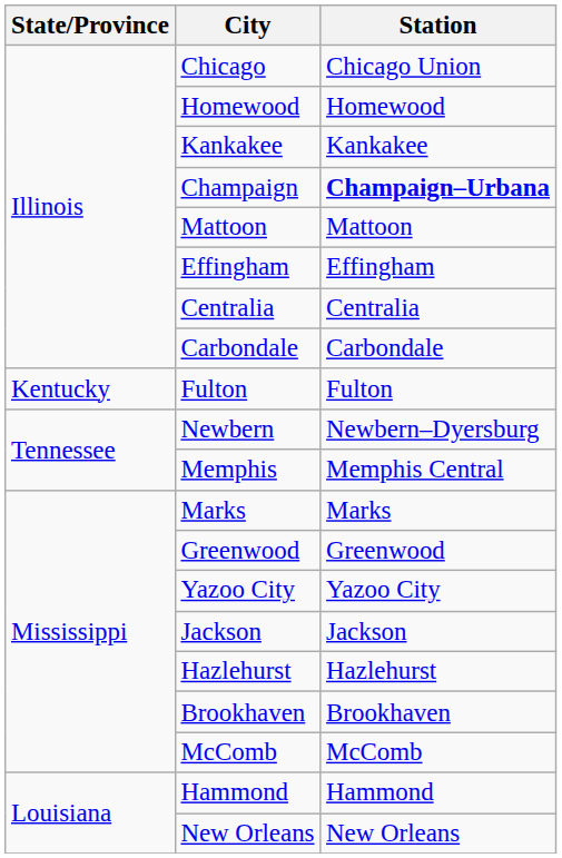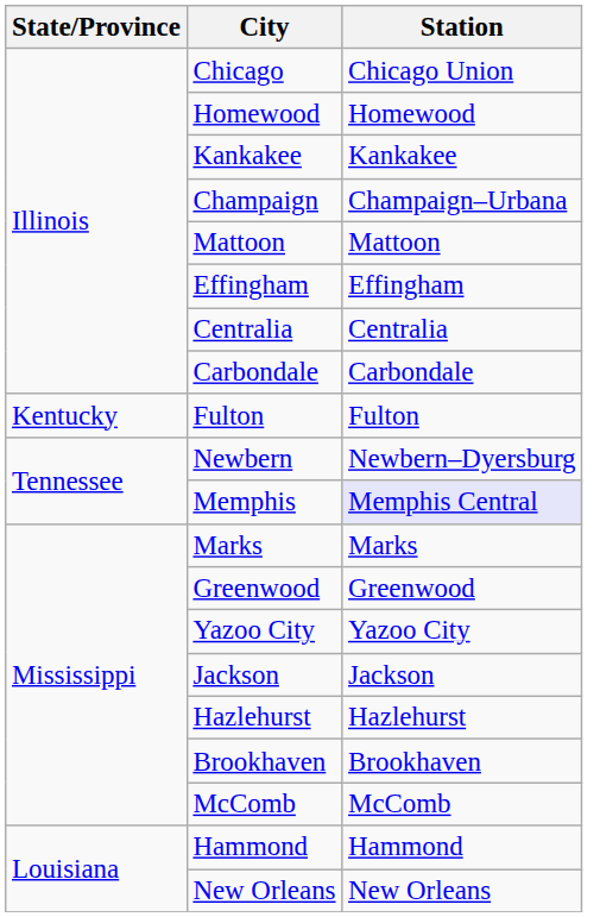 <table class="wikitable mw-collapsible">
 <tr>
 <th>State/Province</th>
 <th>City</th>
 <th>Station</th>
 </tr>
 <tr>
 <td rowspan='8'><a href='#'>Illinois</a></td>
 <td><a href='#'>Chicago</a></td>
 <td><a href='#'>Chicago Union</a></td>
 </tr>
 <tr>
 <td><a href='#'>Homewood</a></td>
 <td><a href='#'>Homewood</a></td>
 </tr>
 <tr>
 <td><a href='#'>Kankakee</a></td>
 <td><a href='#'>Kankakee</a></td>
 </tr>
 <tr>
 <td><a href='#'>Champaign</a></td>
-<td><strong><a href='#'>Champaign–Urbana</a></strong></td>
+<td><a href='#'>Champaign–Urbana</a></td>
 </tr>
 <tr>
 <td><a href='#'>Mattoon</a></td>
 <td><a href='#'>Mattoon</a></td>
 </tr>
 <tr>
 <td><a href='#'>Effingham</a></td>
 <td><a href='#'>Effingham</a></td>
 </tr>
 <tr>
 <td><a href='#'>Centralia</a></td>
 <td><a href='#'>Centralia</a></td>
 </tr>
 <tr>
 <td><a href='#'>Carbondale</a></td>
 <td><a href='#'>Carbondale</a></td>
 </tr>
 <tr>
 <td rowspan='1'><a href='#'>Kentucky</a></td>
 <td><a href='#'>Fulton</a></td>
 <td><a href='#'>Fulton</a></td>
 </tr>
 <tr>
 <td rowspan='2'><a href='#'>Tennessee</a></td>
 <td><a href='#'>Newbern</a></td>
 <td><a href='#'>Newbern–Dyersburg</a></td>
 </tr>
 <tr>
 <td><a href='#'>Memphis</a></td>
-<td><a href='#'>Memphis Central</a></td>
+<td style="background: lavender;"><a href='#'>Memphis Central</a></td>
 </tr>
 <tr>
 <td rowspan='7'><a href='#'>Mississippi</a></td>
 <td><a href='#'>Marks</a></td>
 <td><a href='#'>Marks</a></td>
 </tr>
 <tr>
 <td><a href='#'>Greenwood</a></td>
 <td><a href='#'>Greenwood</a></td>
 </tr>
 <tr>
 <td><a href='#'>Yazoo City</a></td>
 <td><a href='#'>Yazoo City</a></td>
 </tr>
 <tr>
 <td><a href='#'>Jackson</a></td>
 <td><a href='#'>Jackson</a></td>
 </tr>
 <tr>
 <td><a href='#'>Hazlehurst</a></td>
 <td><a href='#'>Hazlehurst</a></td>
 </tr>
 <tr>
 <td><a href='#'>Brookhaven</a></td>
 <td><a href='#'>Brookhaven</a></td>
 </tr>
 <tr>
 <td><a href='#'>McComb</a></td>
 <td><a href='#'>McComb</a></td>
 </tr>
 <tr>
 <td rowspan='2'><a href='#'>Louisiana</a></td>
 <td><a href='#'>Hammond</a></td>
 <td><a href='#'>Hammond</a></td>
 </tr>
 <tr>
 <td><a href='#'>New Orleans</a></td>
 <td><a href='#'>New Orleans</a></td>
 </tr>
 </table>
